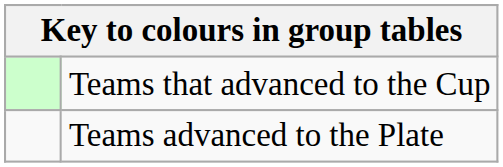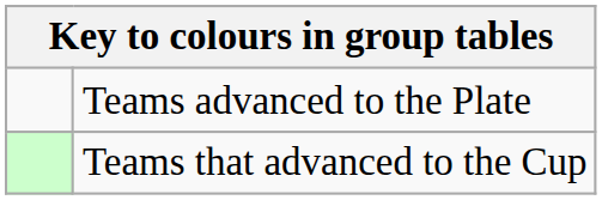 <table class="wikitable" style="text-align: center;">
 <tr>
 <th colspan=2>Key to colours in group tables</th>
 </tr>
 <tr>
+<td style="width:20px;"></td>
+<td align=left>Teams advanced to the Plate</td>
+</tr>
+<tr>
 <td style="background:#cfc;"></td>
 <td align=left>Teams that advanced to the Cup</td>
 </tr>
-<tr>
-<td style="width:20px;"></td>
-<td align=left>Teams advanced to the Plate</td>
-</tr>
 </table>
